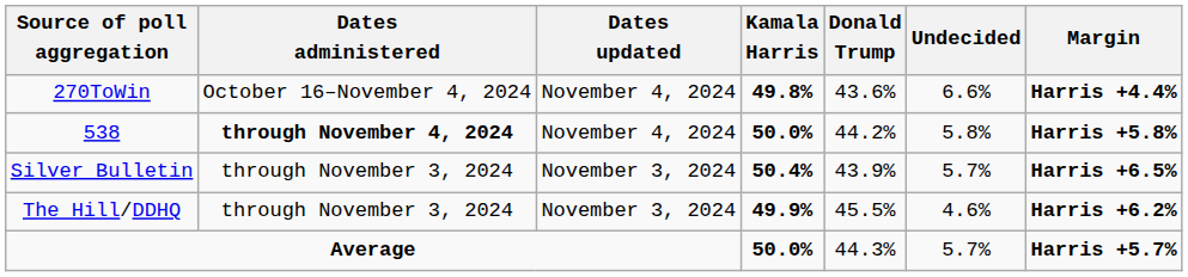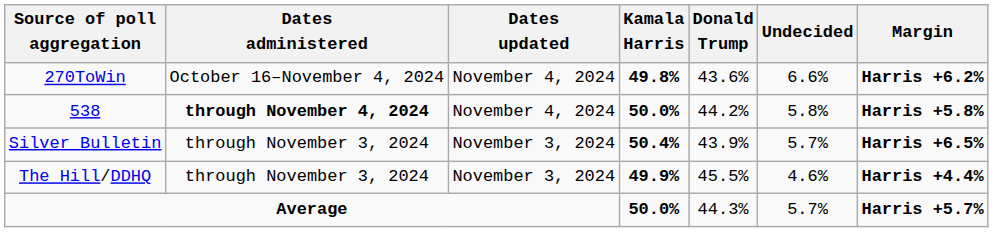 <table class="wikitable sortable" style="text-align:center;font-size:90%;line-height:17px">
 <tr>
 <th>Source of poll<br>aggregation</th>
 <th>Dates<br>administered</th>
 <th>Dates<br>updated</th>
 <th class="unsortable">Kamala<br>Harris<br><small></small></th>
 <th class="unsortable">Donald<br>Trump<br><small></small></th>
 <th>Undecided<br></th>
 <th>Margin</th>
 </tr>
 <tr>
 <td><a href='#'>270ToWin</a></td>
 <td>October 16–November 4, 2024</td>
 <td>November 4, 2024</td>
 <td style="color:black;background-color:"><strong>49.8%</strong></td>
 <td>43.6%</td>
 <td>6.6%</td>
-<td style="background-color:"><strong>Harris +4.4%</strong></td>
+<td style="color:black;background-color:"><strong>Harris +6.2%</strong></td>
 </tr>
 <tr>
 <td><a href='#'>538</a></td>
 <td><strong>through November 4, 2024</strong></td>
 <td>November 4, 2024</td>
 <td style="color:black;background-color:"><strong>50.0%</strong></td>
 <td>44.2%</td>
 <td>5.8%</td>
 <td style="color:black;background-color:"><strong>Harris +5.8%</strong></td>
 </tr>
 <tr>
 <td><a href='#'>Silver Bulletin</a></td>
 <td>through November 3, 2024</td>
 <td>November 3, 2024</td>
 <td style="color:black;background-color:"><strong>50.4%</strong></td>
 <td>43.9%</td>
 <td>5.7%</td>
 <td style="color:black;background-color:"><strong>Harris +6.5%</strong></td>
 </tr>
 <tr>
 <td><a href='#'>The Hill</a>/<a href='#'>DDHQ</a></td>
 <td>through November 3, 2024</td>
 <td>November 3, 2024</td>
 <td style="background-color:"><strong>49.9%</strong></td>
 <td>45.5%</td>
 <td>4.6%</td>
-<td style="color:black;background-color:"><strong>Harris +6.2%</strong></td>
+<td style="background-color:"><strong>Harris +4.4%</strong></td>
 </tr>
 <tr>
 <td colspan="3"><strong>Average</strong></td>
 <td style="color:black;background-color:"><strong>50.0%</strong></td>
 <td>44.3%</td>
 <td>5.7%</td>
 <td style="color:black;background-color:"><strong>Harris +5.7%</strong></td>
 </tr>
 </table>
